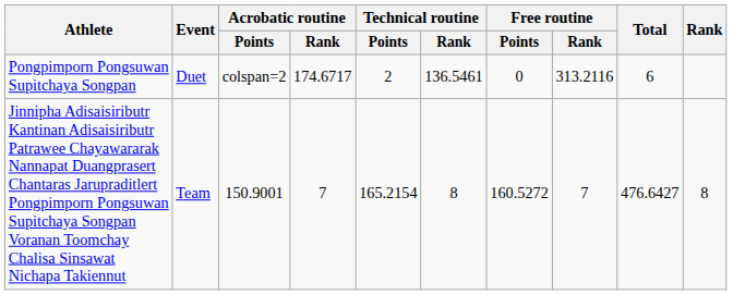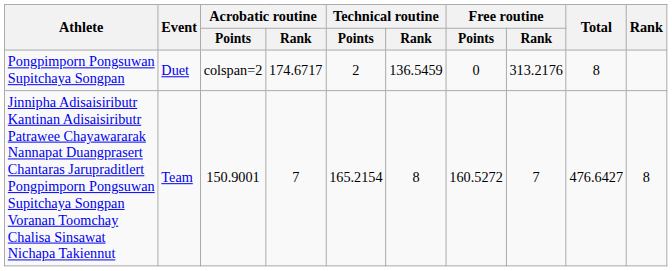 <table class=wikitable style=font-size:90%;text-align:center>
 <tr>
 <th rowspan="2">Athlete</th>
 <th rowspan="2">Event</th>
 <th colspan="2">Acrobatic routine</th>
 <th colspan="2">Technical routine</th>
 <th colspan="2">Free routine</th>
 <th rowspan="2">Total</th>
 <th rowspan="2">Rank</th>
 </tr>
 <tr style="font-size:95%">
 <th>Points</th>
 <th>Rank</th>
 <th>Points</th>
 <th>Rank</th>
 <th>Points</th>
 <th>Rank</th>
 </tr>
 <tr>
 <td align=left><a href='#'>Pongpimporn Pongsuwan</a><br><a href='#'>Supitchaya Songpan</a></td>
 <td align=left><a href='#'>Duet</a></td>
 <td>colspan=2 </td>
 <td>174.6717</td>
 <td>2</td>
-<td>136.5461</td>
+<td>136.5459</td>
 <td>0</td>
-<td>313.2116</td>
-<td>6</td>
+<td>313.2176</td>
+<td>8</td>
 </tr>
 <tr>
 <td align=left><a href='#'>Jinnipha Adisaisiributr</a><br><a href='#'>Kantinan Adisaisiributr</a><br><a href='#'>Patrawee Chayawararak</a><br><a href='#'>Nannapat Duangprasert</a><br><a href='#'>Chantaras Jarupraditlert</a><br><a href='#'>Pongpimporn Pongsuwan</a><br><a href='#'>Supitchaya Songpan</a><br><a href='#'>Voranan Toomchay</a><br><a href='#'>Chalisa Sinsawat</a><br><a href='#'>Nichapa Takiennut</a></td>
 <td align=left><a href='#'>Team</a></td>
 <td>150.9001</td>
 <td>7</td>
 <td>165.2154</td>
 <td>8</td>
 <td>160.5272</td>
 <td>7</td>
 <td>476.6427</td>
 <td>8</td>
 </tr>
 </table>
